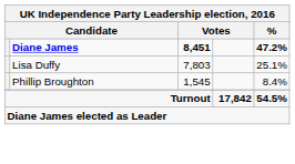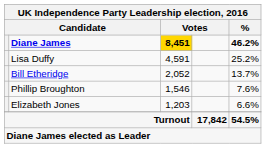 <table class="wikitable" style="font-size: 95%;">
 <tr style="background:#e9e9e9;">
 <th colspan="5">UK Independence Party Leadership election, 2016</th>
 </tr>
 <tr style="background:#e9e9e9;">
 <th colspan="2" style="width: 190px">Candidate</th>
 <th colspan="2" style="width: 100px">Votes</th>
 <th style="width: 40px">%</th>
 </tr>
 <tr>
 <th style="background-color: "></th>
 <td style="width: 230px"> <strong><a href='#'>Diane James</a></strong></td>
-<td style="text-align:right;"><strong>  8,451  </strong></td>
+<td style="background: gold; text-align:right;"><strong>  8,451  </strong></td>
 <td align=center></td>
-<td style="text-align:right;"><strong>47.2%</strong></td>
+<td style="text-align:right;"><strong>46.2%</strong></td>
 </tr>
 <tr>
 <th style="background-color: "></th>
 <td style="width: 230px">Lisa Duffy</td>
-<td style="text-align:right;">7,803</td>
+<td style="text-align:right;">4,591</td>
 <td align=center></td>
-<td style="text-align:right;">25.1%</td>
+<td style="text-align:right;">25.2%</td>
+</tr>
+<tr>
+<th style="background-color: "></th>
+<td style="width: 230px"><a href='#'>Bill Etheridge</a></td>
+<td style="text-align:right;">2,052</td>
+<td align=center></td>
+<td style="text-align:right;">13.7%</td>
 </tr>
 <tr>
 <th style="background-color: "></th>
 <td style="width: 230px">Phillip Broughton</td>
-<td style="text-align:right;">1,545</td>
+<td style="text-align:right;">1,546</td>
 <td align=center></td>
-<td style="text-align:right;">8.4%</td>
+<td style="text-align:right;">7.6%</td>
+</tr>
+<tr>
+<th style="background-color: "></th>
+<td style="width: 210px">Elizabeth Jones</td>
+<td style="text-align:right;">1,203</td>
+<td align=center></td>
+<td style="text-align:right;">6.6%</td>
 </tr>
 <tr>
 </tr>
 <tr style="background:#f6f6f6; text-align:right;">
 <td colspan="3"><strong>Turnout</strong></td>
 <td><strong> 17,842 </strong></td>
 <td><strong>54.5%</strong></td>
 </tr>
 <tr style="background:#f6f6f6;">
 <td colspan="5"><strong>Diane James elected as Leader </strong></td>
 </tr>
 </table>
